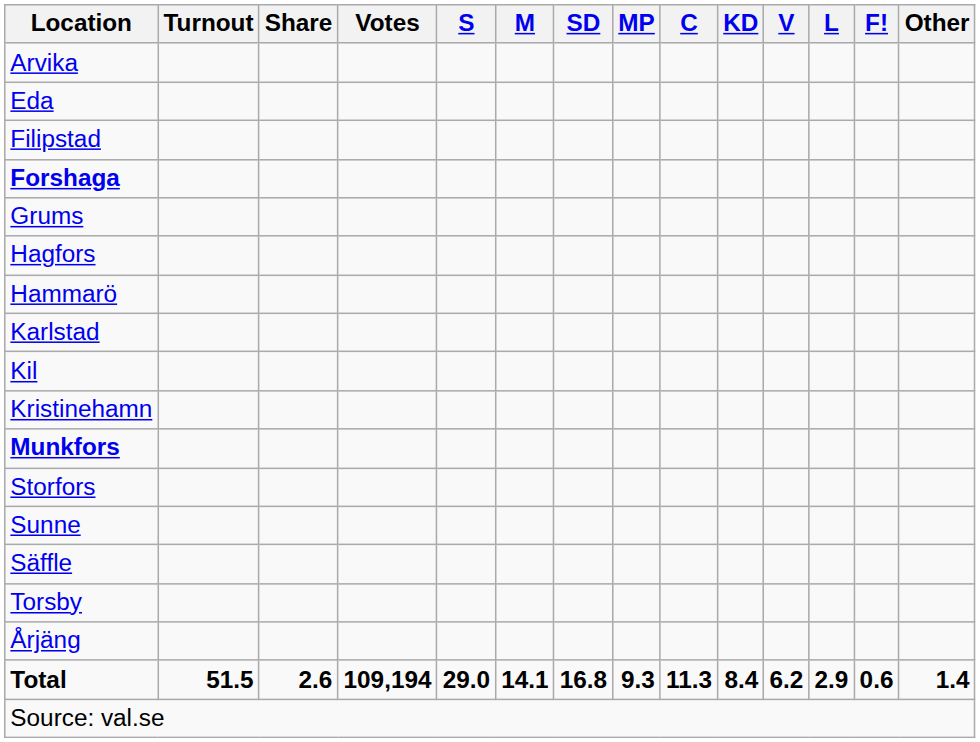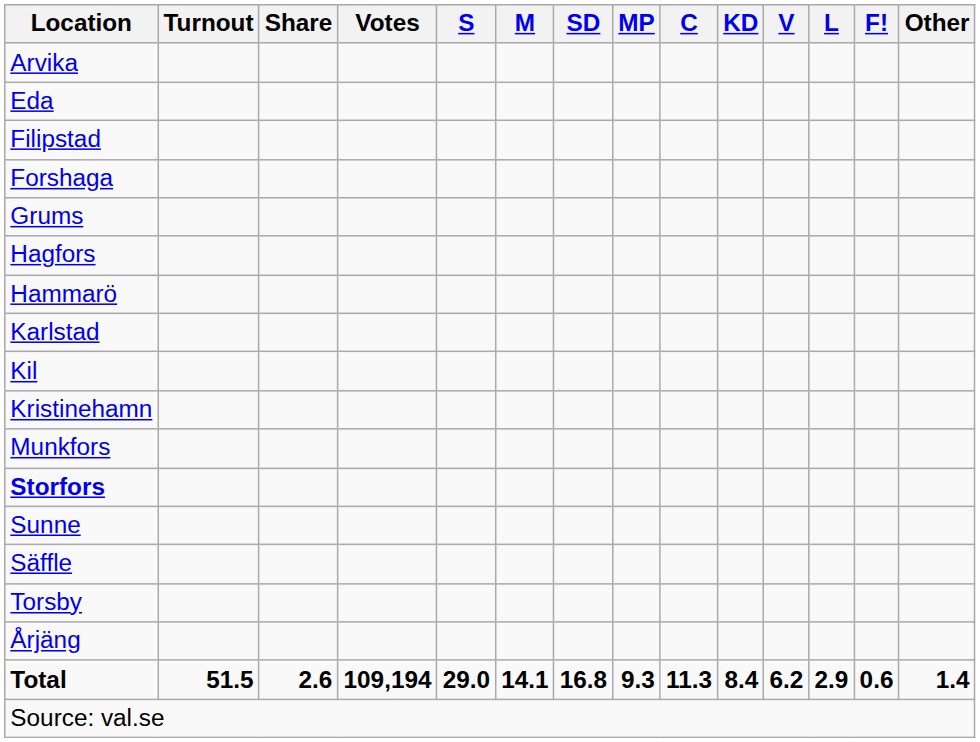 <table class="wikitable sortable" style=text-align:right>
 <tr>
 <th>Location</th>
 <th>Turnout</th>
 <th>Share</th>
 <th>Votes</th>
 <th><a href='#'>S</a></th>
 <th><a href='#'>M</a></th>
 <th><a href='#'>SD</a></th>
 <th><a href='#'>MP</a></th>
 <th><a href='#'>C</a></th>
 <th><a href='#'>KD</a></th>
 <th><a href='#'>V</a></th>
 <th><a href='#'>L</a></th>
 <th><a href='#'>F!</a></th>
 <th>Other</th>
 </tr>
 <tr>
 <td align=left><a href='#'>Arvika</a></td>
 <td></td>
 <td></td>
 <td></td>
 <td></td>
 <td></td>
 <td></td>
 <td></td>
 <td></td>
 <td></td>
 <td></td>
 <td></td>
 <td></td>
 <td></td>
 </tr>
 <tr>
 <td align=left><a href='#'>Eda</a></td>
 <td></td>
 <td></td>
 <td></td>
 <td></td>
 <td></td>
 <td></td>
 <td></td>
 <td></td>
 <td></td>
 <td></td>
 <td></td>
 <td></td>
 <td></td>
 </tr>
 <tr>
 <td align=left><a href='#'>Filipstad</a></td>
 <td></td>
 <td></td>
 <td></td>
 <td></td>
 <td></td>
 <td></td>
 <td></td>
 <td></td>
 <td></td>
 <td></td>
 <td></td>
 <td></td>
 <td></td>
 </tr>
 <tr>
-<td align=left><strong><a href='#'>Forshaga</a></strong></td>
+<td align=left><a href='#'>Forshaga</a></td>
 <td></td>
 <td></td>
 <td></td>
 <td></td>
 <td></td>
 <td></td>
 <td></td>
 <td></td>
 <td></td>
 <td></td>
 <td></td>
 <td></td>
 <td></td>
 </tr>
 <tr>
 <td align=left><a href='#'>Grums</a></td>
 <td></td>
 <td></td>
 <td></td>
 <td></td>
 <td></td>
 <td></td>
 <td></td>
 <td></td>
 <td></td>
 <td></td>
 <td></td>
 <td></td>
 <td></td>
 </tr>
 <tr>
 <td align=left><a href='#'>Hagfors</a></td>
 <td></td>
 <td></td>
 <td></td>
 <td></td>
 <td></td>
 <td></td>
 <td></td>
 <td></td>
 <td></td>
 <td></td>
 <td></td>
 <td></td>
 <td></td>
 </tr>
 <tr>
 <td align=left><a href='#'>Hammarö</a></td>
 <td></td>
 <td></td>
 <td></td>
 <td></td>
 <td></td>
 <td></td>
 <td></td>
 <td></td>
 <td></td>
 <td></td>
 <td></td>
 <td></td>
 <td></td>
 </tr>
 <tr>
 <td align=left><a href='#'>Karlstad</a></td>
 <td></td>
 <td></td>
 <td></td>
 <td></td>
 <td></td>
 <td></td>
 <td></td>
 <td></td>
 <td></td>
 <td></td>
 <td></td>
 <td></td>
 <td></td>
 </tr>
 <tr>
 <td align=left><a href='#'>Kil</a></td>
 <td></td>
 <td></td>
 <td></td>
 <td></td>
 <td></td>
 <td></td>
 <td></td>
 <td></td>
 <td></td>
 <td></td>
 <td></td>
 <td></td>
 <td></td>
 </tr>
 <tr>
 <td align=left><a href='#'>Kristinehamn</a></td>
 <td></td>
 <td></td>
 <td></td>
 <td></td>
 <td></td>
 <td></td>
 <td></td>
 <td></td>
 <td></td>
 <td></td>
 <td></td>
 <td></td>
 <td></td>
 </tr>
 <tr>
-<td align=left><strong><a href='#'>Munkfors</a></strong></td>
+<td align=left><a href='#'>Munkfors</a></td>
 <td></td>
 <td></td>
 <td></td>
 <td></td>
 <td></td>
 <td></td>
 <td></td>
 <td></td>
 <td></td>
 <td></td>
 <td></td>
 <td></td>
 <td></td>
 </tr>
 <tr>
-<td align=left><a href='#'>Storfors</a></td>
+<td align=left><strong><a href='#'>Storfors</a></strong></td>
 <td></td>
 <td></td>
 <td></td>
 <td></td>
 <td></td>
 <td></td>
 <td></td>
 <td></td>
 <td></td>
 <td></td>
 <td></td>
 <td></td>
 <td></td>
 </tr>
 <tr>
 <td align=left><a href='#'>Sunne</a></td>
 <td></td>
 <td></td>
 <td></td>
 <td></td>
 <td></td>
 <td></td>
 <td></td>
 <td></td>
 <td></td>
 <td></td>
 <td></td>
 <td></td>
 <td></td>
 </tr>
 <tr>
 <td align=left><a href='#'>Säffle</a></td>
 <td></td>
 <td></td>
 <td></td>
 <td></td>
 <td></td>
 <td></td>
 <td></td>
 <td></td>
 <td></td>
 <td></td>
 <td></td>
 <td></td>
 <td></td>
 </tr>
 <tr>
 <td align=left><a href='#'>Torsby</a></td>
 <td></td>
 <td></td>
 <td></td>
 <td></td>
 <td></td>
 <td></td>
 <td></td>
 <td></td>
 <td></td>
 <td></td>
 <td></td>
 <td></td>
 <td></td>
 </tr>
 <tr>
 <td align=left><a href='#'>Årjäng</a></td>
 <td></td>
 <td></td>
 <td></td>
 <td></td>
 <td></td>
 <td></td>
 <td></td>
 <td></td>
 <td></td>
 <td></td>
 <td></td>
 <td></td>
 <td></td>
 </tr>
 <tr>
 <td align=left><strong>Total</strong></td>
 <td><strong>51.5</strong></td>
 <td><strong>2.6</strong></td>
 <td><strong>109,194</strong></td>
 <td><strong>29.0</strong></td>
 <td><strong>14.1</strong></td>
 <td><strong>16.8</strong></td>
 <td><strong>9.3</strong></td>
 <td><strong>11.3</strong></td>
 <td><strong>8.4</strong></td>
 <td><strong>6.2</strong></td>
 <td><strong>2.9</strong></td>
 <td><strong>0.6</strong></td>
 <td><strong>1.4</strong></td>
 </tr>
 <tr>
 <td align=left colspan=14>Source: val.se </td>
 </tr>
 </table>
